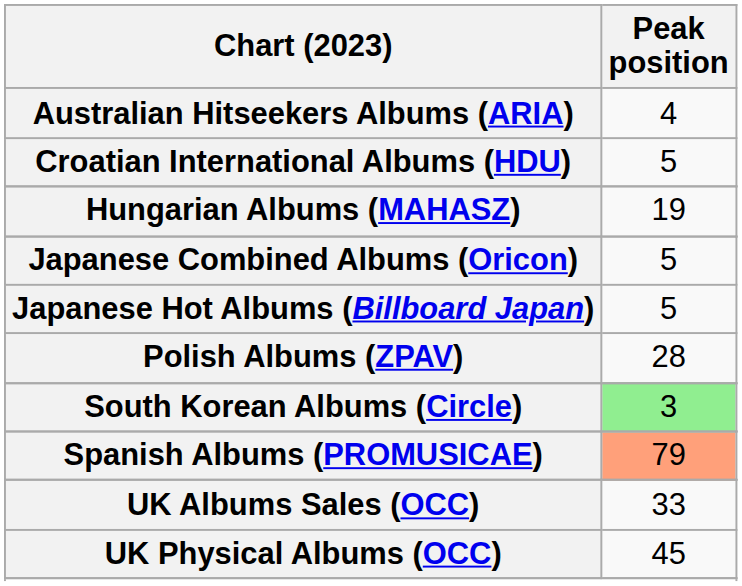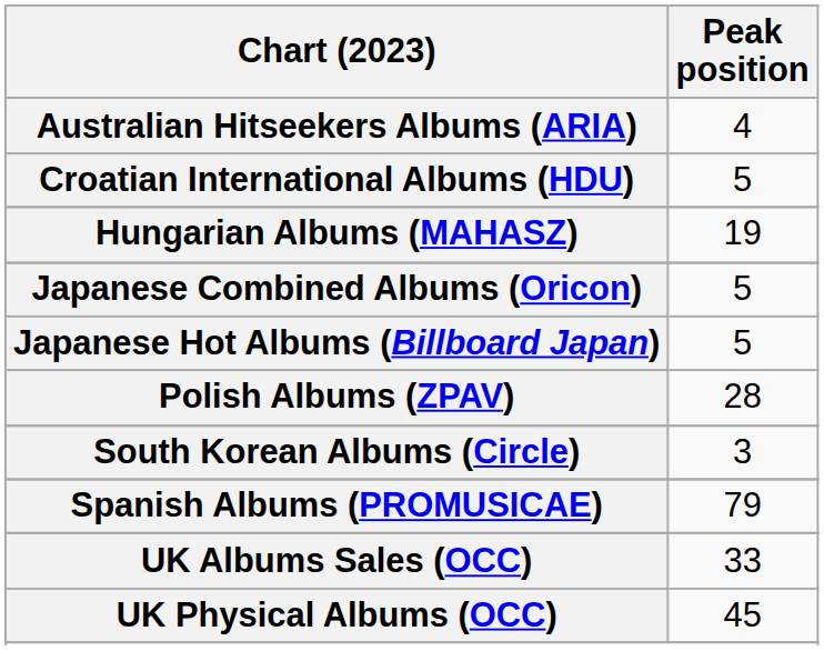 <table class="wikitable plainrowheaders sortable" style="text-align:center">
 <tr>
 <th scope="col">Chart (2023)</th>
 <th scope="col">Peak<br>position</th>
 </tr>
 <tr>
 <th scope="row">Australian Hitseekers Albums (<a href='#'>ARIA</a>)</th>
 <td>4</td>
 </tr>
 <tr>
 <th scope="row">Croatian International Albums (<a href='#'>HDU</a>)</th>
 <td>5</td>
 </tr>
 <tr>
 </tr>
 <tr>
 <th scope="row">Hungarian Albums (<a href='#'>MAHASZ</a>)</th>
 <td>19</td>
 </tr>
 <tr>
 </tr>
 <tr>
 <th scope="row">Japanese Combined Albums (<a href='#'>Oricon</a>)</th>
 <td>5</td>
 </tr>
 <tr>
 <th scope="row">Japanese Hot Albums (<em><a href='#'>Billboard Japan</a></em>)</th>
 <td>5</td>
 </tr>
 <tr>
 <th scope="row">Polish Albums (<a href='#'>ZPAV</a>)</th>
 <td>28</td>
 </tr>
 <tr>
 </tr>
 <tr>
 <th scope="row">South Korean Albums (<a href='#'>Circle</a>)</th>
-<td style="background: lightgreen;">3</td>
+<td>3</td>
 </tr>
 <tr>
 </tr>
 <tr>
 <th scope="row">Spanish Albums (<a href='#'>PROMUSICAE</a>)</th>
-<td style="background: lightsalmon;">79</td>
+<td>79</td>
 </tr>
 <tr>
 </tr>
 <tr>
 <th scope="row">UK Albums Sales (<a href='#'>OCC</a>)</th>
 <td>33</td>
 </tr>
 <tr>
 <th scope="row">UK Physical Albums (<a href='#'>OCC</a>)</th>
 <td>45</td>
 </tr>
 <tr>
 </tr>
 <tr>
 </tr>
 </table>
